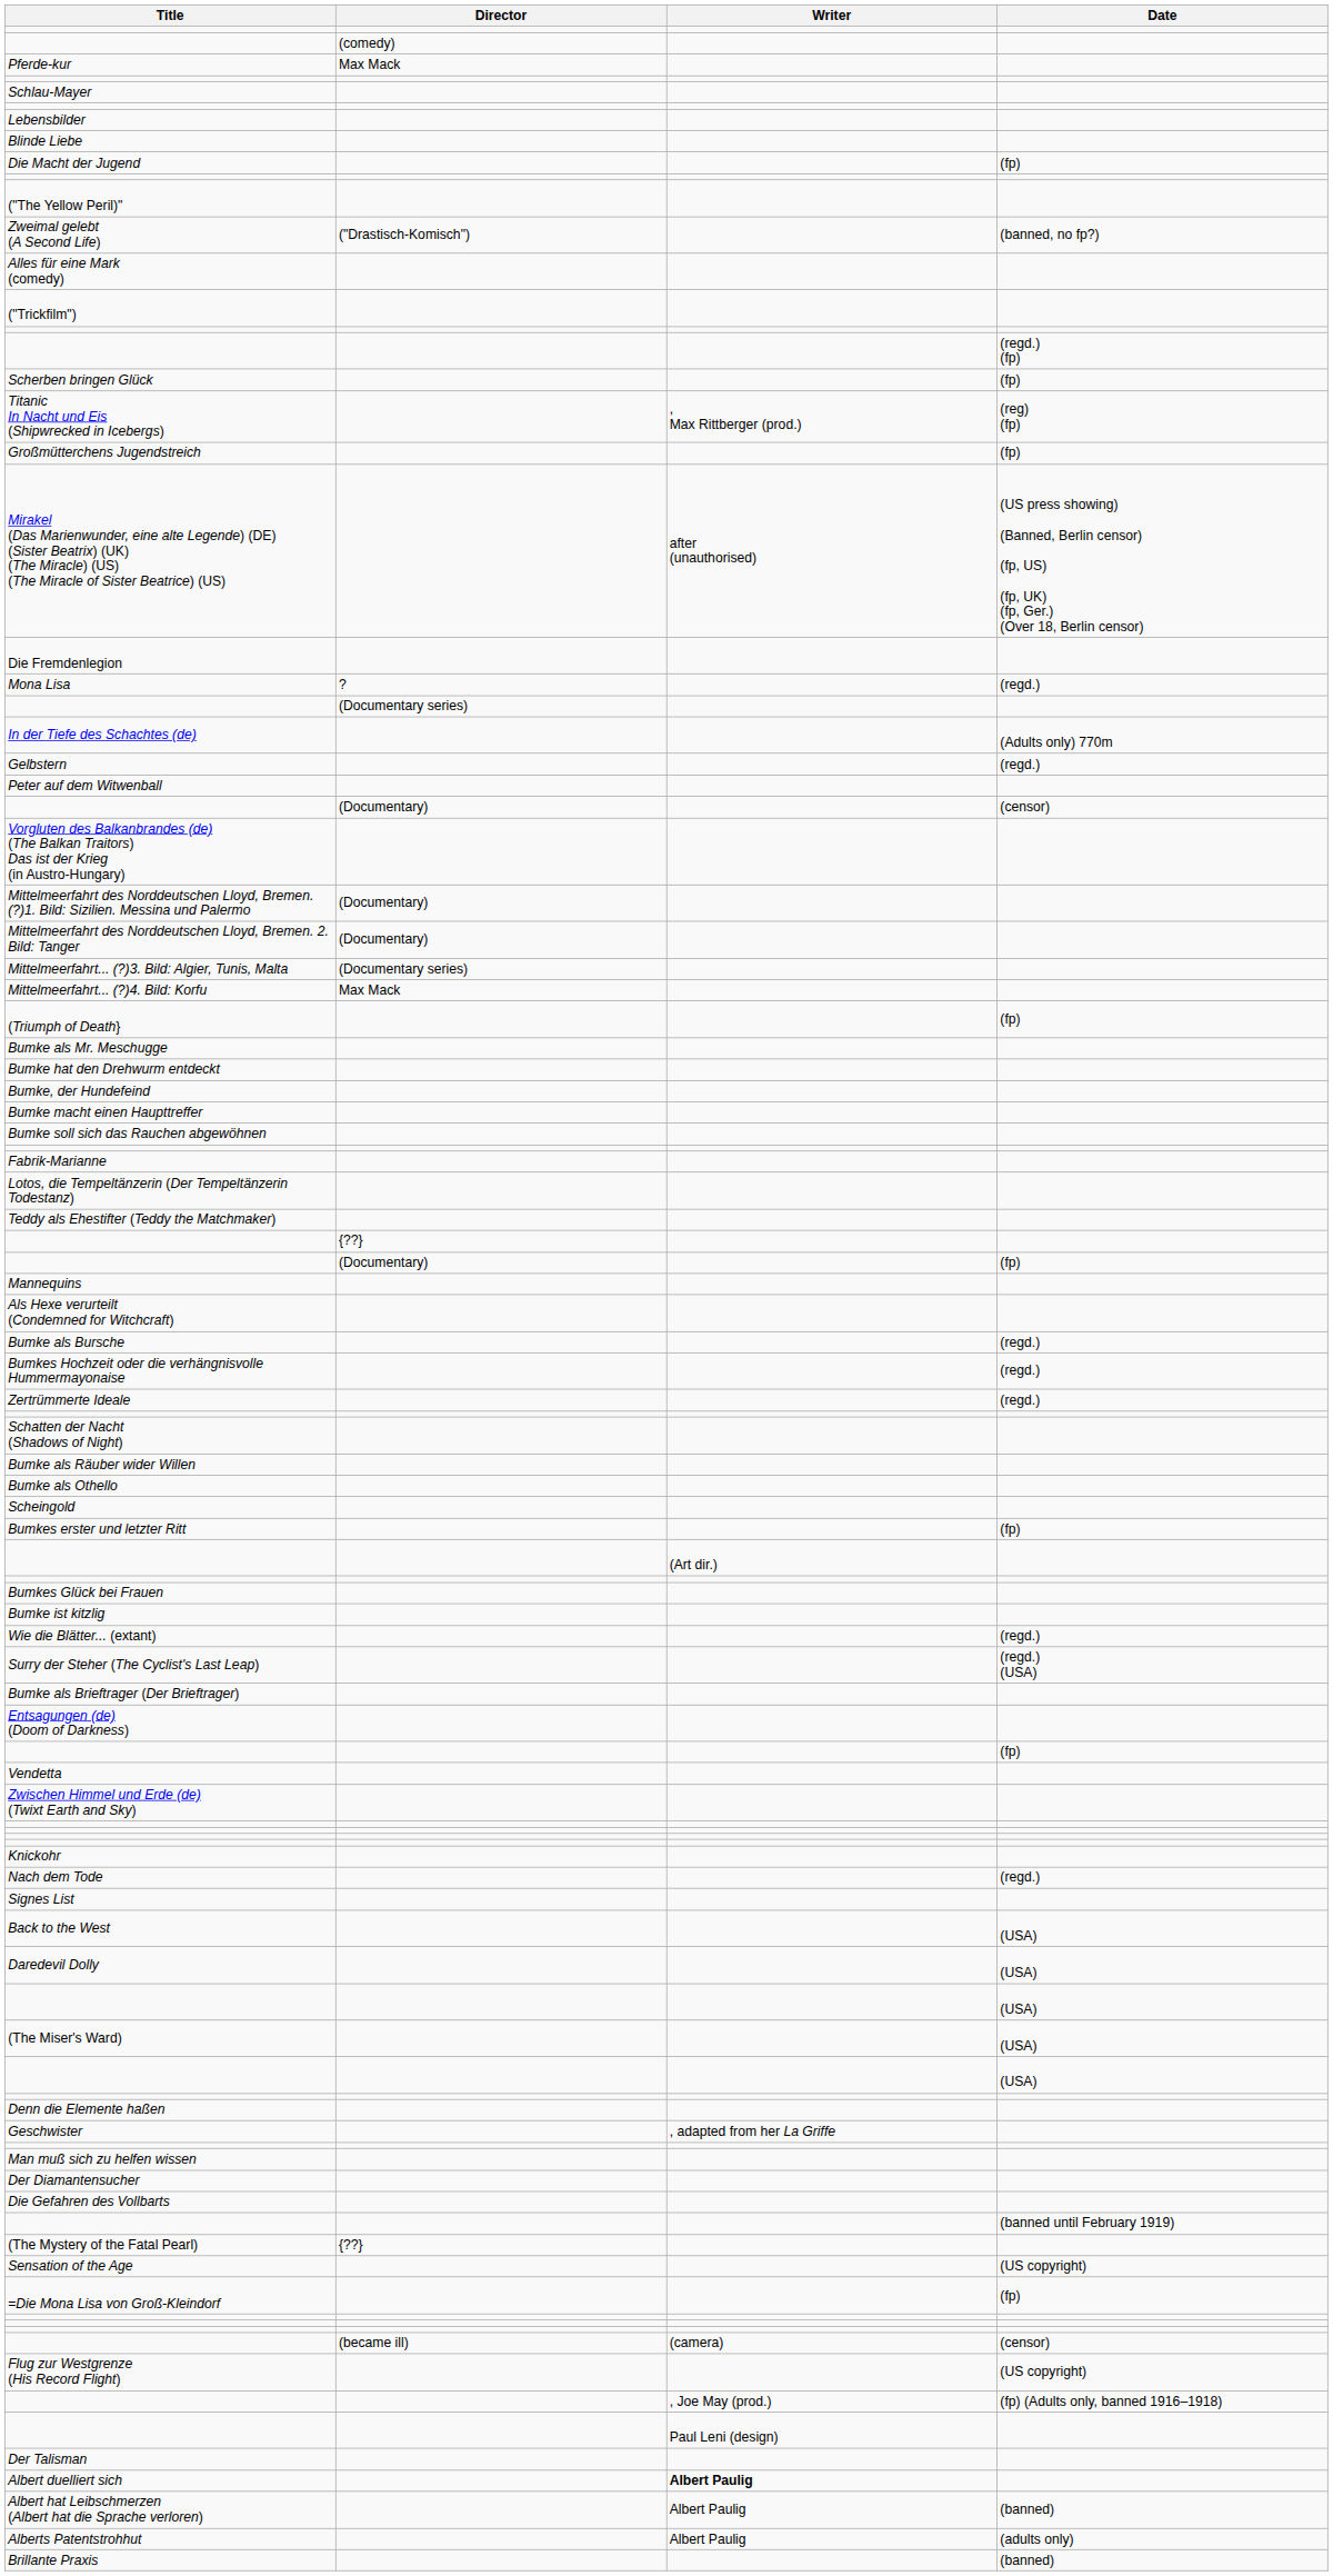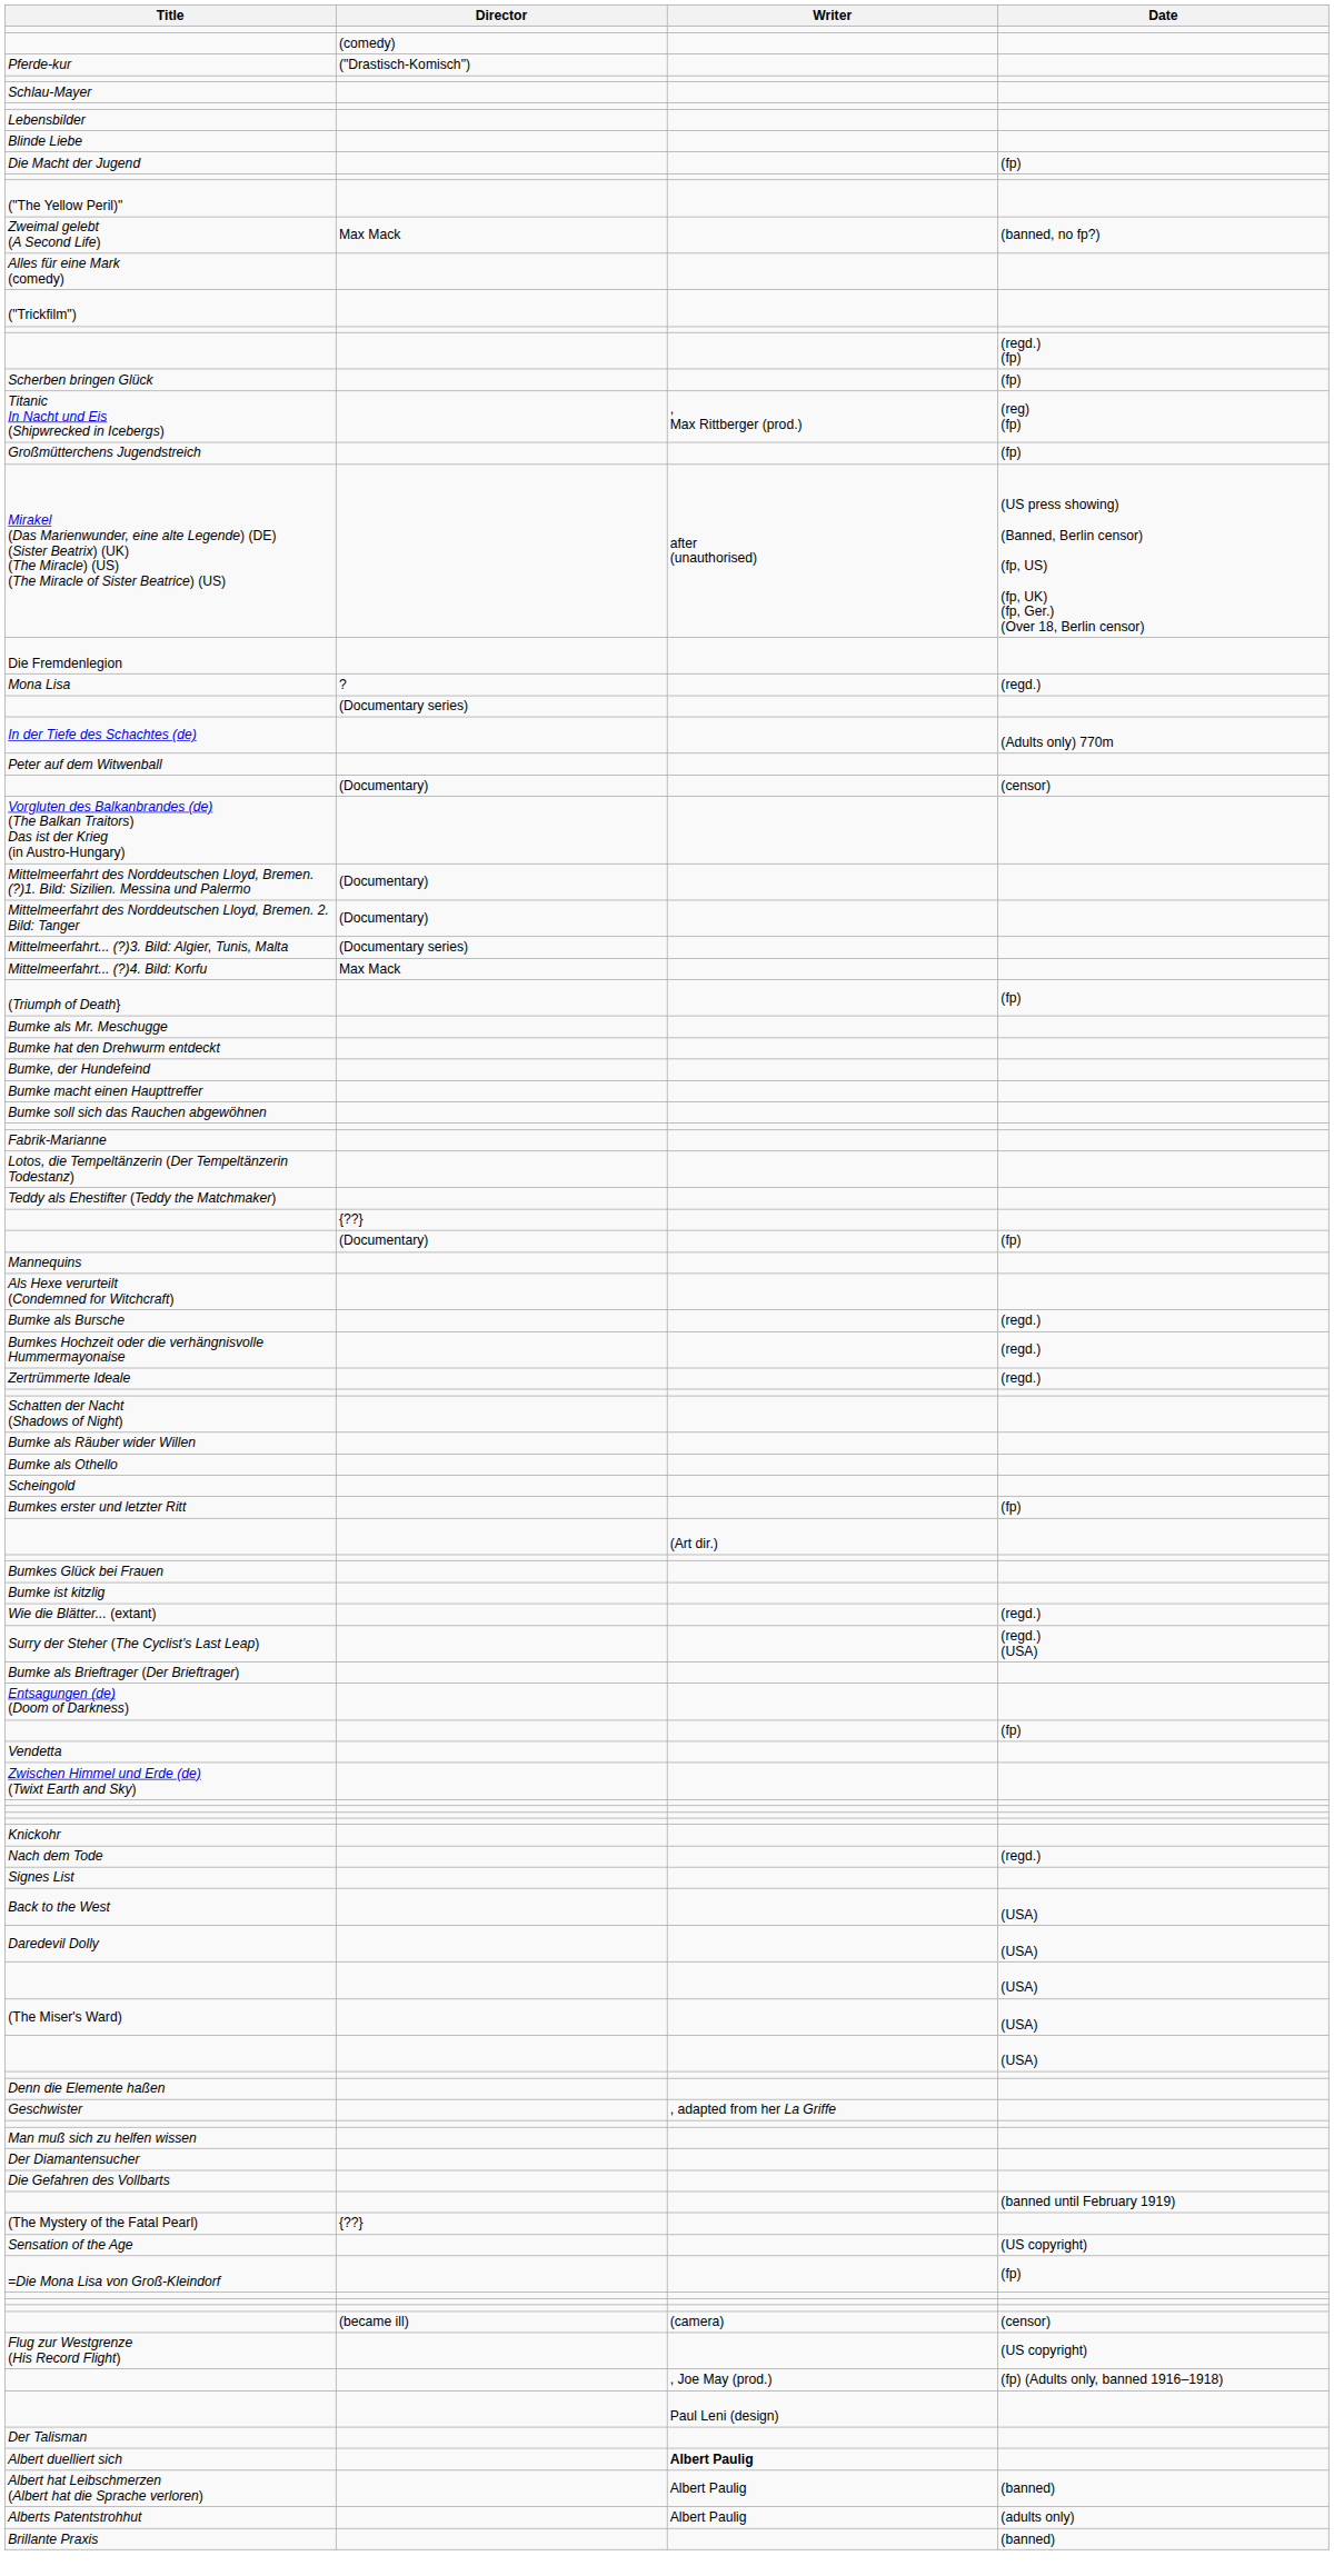 <table class="wikitable sortable" style=line-height:1.5">
 <tr>
 <th style="width:24%;">Title</th>
 <th style="width:24%;">Director</th>
 <th style="width:24%;">Writer</th>
 <th style="width:24%;">Date</th>
 </tr>
 <tr>
 <td><em></em></td>
 <td></td>
 <td></td>
 <td></td>
 </tr>
 <tr>
 <td><em></em></td>
 <td>(comedy)</td>
 <td></td>
 <td></td>
 </tr>
 <tr>
 <td><em>Pferde-kur</em></td>
-<td>Max Mack</td>
+<td>("Drastisch-Komisch")</td>
 <td></td>
 <td></td>
 </tr>
 <tr id="Mack">
 <td><em></em></td>
 <td></td>
 <td></td>
 <td></td>
 </tr>
 <tr>
 <td><em>Schlau-Mayer</em></td>
 <td></td>
 <td></td>
 <td></td>
 </tr>
 <tr>
 <td><em></em></td>
 <td></td>
 <td></td>
 <td></td>
 </tr>
 <tr>
 <td><em>Lebensbilder</em></td>
 <td></td>
 <td></td>
 <td></td>
 </tr>
 <tr>
 <td><em>Blinde Liebe</em></td>
 <td></td>
 <td></td>
 <td></td>
 </tr>
 <tr>
 <td><em>Die Macht der Jugend</em></td>
 <td></td>
 <td></td>
 <td> (fp)</td>
 </tr>
 <tr>
 <td><em></em></td>
 <td></td>
 <td></td>
 <td></td>
 </tr>
 <tr>
 <td><em></em><br>("The Yellow Peril)"</td>
 <td></td>
 <td></td>
 <td></td>
 </tr>
 <tr>
 <td><em>Zweimal gelebt</em><br> (<em>A Second Life</em>)</td>
-<td>("Drastisch-Komisch")</td>
+<td>Max Mack</td>
 <td></td>
 <td> (banned, no fp?)</td>
 </tr>
 <tr>
 <td><em>Alles für eine Mark</em><br>(comedy)</td>
 <td></td>
 <td></td>
 <td></td>
 </tr>
 <tr>
 <td><em></em><br>("Trickfilm")</td>
 <td></td>
 <td></td>
 <td></td>
 </tr>
 <tr>
 <td><em></em> </td>
 <td></td>
 <td></td>
 <td></td>
 </tr>
 <tr>
 <td><em></em></td>
 <td></td>
 <td></td>
 <td> (regd.)<br> (fp)</td>
 </tr>
 <tr>
 <td><em>Scherben bringen Glück</em> </td>
 <td></td>
 <td></td>
 <td> (fp)</td>
 </tr>
 <tr>
 <td><em>Titanic</em> <br><em><a href='#'>In Nacht und Eis</a></em><br>(<em>Shipwrecked in Icebergs</em>)</td>
 <td></td>
 <td>,<br>Max Rittberger (prod.)</td>
 <td> (reg)<br>  (fp)</td>
 </tr>
 <tr>
 <td><em>Großmütterchens Jugendstreich</em></td>
 <td></td>
 <td></td>
 <td> (fp)</td>
 </tr>
 <tr>
 <td><em><a href='#'>Mirakel</a></em> <br>(<em>Das Marienwunder, eine alte Legende</em>) (DE)<br>(<em>Sister Beatrix</em>) (UK)<br>(<em>The Miracle</em>) (US)<br>(<em>The Miracle of Sister Beatrice</em>) (US)</td>
 <td></td>
 <td> after<br>  (unauthorised)</td>
 <td><br><br>(US press showing)<br> <br>(Banned, Berlin censor)<br> <br>(fp, US)<br> <br>(fp, UK)<br>  (fp, Ger.)<br>(Over 18, Berlin censor)</td>
 </tr>
 <tr>
 <td><em></em> <br>Die Fremdenlegion</td>
 <td></td>
 <td></td>
 <td></td>
 </tr>
 <tr>
 <td><em>Mona Lisa</em></td>
 <td> ?</td>
 <td></td>
 <td> (regd.)</td>
 </tr>
 <tr>
 <td><em></em></td>
 <td>(Documentary series)</td>
 <td></td>
 <td></td>
 </tr>
 <tr>
 <td><em><a href='#'>In der Tiefe des Schachtes (de)</a></em></td>
 <td></td>
 <td></td>
 <td><br>(Adults only) 770m</td>
-</tr>
-<tr>
-<td><em>Gelbstern</em></td>
-<td></td>
-<td></td>
-<td> (regd.)</td>
 </tr>
 <tr>
 <td><em>Peter auf dem Witwenball</em></td>
 <td></td>
 <td></td>
 <td></td>
 </tr>
 <tr>
 <td><em></em></td>
 <td>(Documentary)</td>
 <td></td>
 <td> (censor)</td>
 </tr>
 <tr>
 <td><em><a href='#'>Vorgluten des Balkanbrandes (de)</a></em><br>(<em>The Balkan Traitors</em>)<br><em>Das ist der Krieg</em><br>(in Austro-Hungary)</td>
 <td></td>
 <td></td>
 <td><br></td>
 </tr>
 <tr>
 <td><em>Mittelmeerfahrt des Norddeutschen Lloyd, Bremen. (?)1. Bild: Sizilien. Messina und Palermo</em></td>
 <td>(Documentary)</td>
 <td></td>
 <td> </td>
 </tr>
 <tr>
 <td><em>Mittelmeerfahrt des Norddeutschen Lloyd, Bremen. 2. Bild: Tanger</em></td>
 <td>(Documentary)</td>
 <td></td>
 <td></td>
 </tr>
 <tr>
 <td><em>Mittelmeerfahrt... (?)3. Bild: Algier, Tunis, Malta</em></td>
 <td>(Documentary series)</td>
 <td></td>
 <td> </td>
 </tr>
 <tr>
 <td><em>Mittelmeerfahrt... (?)4. Bild: Korfu</em></td>
 <td>Max Mack</td>
 <td></td>
 <td> </td>
 </tr>
 <tr>
 <td><em></em><br>(<em>Triumph of Death</em>}</td>
 <td></td>
 <td></td>
 <td> (fp)</td>
 </tr>
 <tr>
 <td><em>Bumke als Mr. Meschugge</em></td>
 <td></td>
 <td></td>
 <td></td>
 </tr>
 <tr>
 <td><em>Bumke hat den Drehwurm entdeckt</em></td>
 <td></td>
 <td></td>
 <td></td>
 </tr>
 <tr>
 <td><em>Bumke, der Hundefeind</em></td>
 <td></td>
 <td></td>
 <td></td>
 </tr>
 <tr>
 <td><em>Bumke macht einen Haupttreffer</em></td>
 <td></td>
 <td></td>
 <td></td>
 </tr>
 <tr>
 <td><em>Bumke soll sich das Rauchen abgewöhnen</em></td>
 <td></td>
 <td></td>
 <td></td>
 </tr>
 <tr>
 <td><em></em></td>
 <td></td>
 <td></td>
 <td></td>
 </tr>
 <tr>
 <td><em>Fabrik-Marianne</em></td>
 <td></td>
 <td></td>
 <td></td>
 </tr>
 <tr>
 <td><em>Lotos, die Tempeltänzerin</em> (<em>Der Tempeltänzerin Todestanz</em>)</td>
 <td></td>
 <td></td>
 <td></td>
 </tr>
 <tr>
 <td><em>Teddy als Ehestifter</em> (<em>Teddy the Matchmaker</em>) </td>
 <td></td>
 <td></td>
 <td></td>
 </tr>
 <tr>
 <td><em></em></td>
 <td> {??}</td>
 <td></td>
 <td></td>
 </tr>
 <tr>
 <td><em></em></td>
 <td>(Documentary)</td>
 <td></td>
 <td> (fp)</td>
 </tr>
 <tr>
 <td><em>Mannequins</em></td>
 <td></td>
 <td></td>
 <td></td>
 </tr>
 <tr>
 <td><em>Als Hexe verurteilt</em><br>(<em>Condemned for Witchcraft</em>)</td>
 <td></td>
 <td></td>
 <td></td>
 </tr>
 <tr>
 <td><em>Bumke als Bursche</em></td>
 <td></td>
 <td></td>
 <td> (regd.)</td>
 </tr>
 <tr>
 <td><em>Bumkes Hochzeit oder die verhängnisvolle Hummermayonaise</em></td>
 <td></td>
 <td></td>
 <td> (regd.)</td>
 </tr>
 <tr>
 <td><em>Zertrümmerte Ideale</em></td>
 <td></td>
 <td></td>
 <td> (regd.)</td>
 </tr>
 <tr>
 <td><em></em></td>
 <td></td>
 <td></td>
 <td></td>
 </tr>
 <tr>
 <td><em>Schatten der Nacht</em><br>(<em>Shadows of Night</em>)</td>
 <td></td>
 <td></td>
 <td></td>
 </tr>
 <tr>
 <td><em>Bumke als Räuber wider Willen</em></td>
 <td></td>
 <td></td>
 <td></td>
 </tr>
 <tr>
 <td><em>Bumke als Othello</em></td>
 <td></td>
 <td></td>
 <td></td>
 </tr>
 <tr>
 <td><em>Scheingold</em></td>
 <td></td>
 <td></td>
 <td></td>
 </tr>
 <tr>
 <td><em>Bumkes erster und letzter Ritt</em></td>
 <td></td>
 <td></td>
 <td> (fp)</td>
 </tr>
 <tr>
 <td><em></em></td>
 <td></td>
 <td><br>(Art dir.)</td>
 <td></td>
 </tr>
 <tr>
 <td><em></em></td>
 <td></td>
 <td></td>
 <td></td>
 </tr>
 <tr>
 <td><em>Bumkes Glück bei Frauen</em></td>
 <td></td>
 <td></td>
 <td></td>
 </tr>
 <tr>
 <td><em>Bumke ist kitzlig</em></td>
 <td></td>
 <td></td>
 <td></td>
 </tr>
 <tr>
 <td><em>Wie die Blätter...</em> (extant)</td>
 <td></td>
 <td></td>
 <td> (regd.)</td>
 </tr>
 <tr>
 <td><em>Surry der Steher</em> (<em>The Cyclist's Last Leap</em>) </td>
 <td></td>
 <td></td>
 <td> (regd.)<br>  (USA)</td>
 </tr>
 <tr>
 <td><em>Bumke als Brieftrager</em> (<em>Der Brieftrager</em>)</td>
 <td></td>
 <td></td>
 <td></td>
 </tr>
 <tr>
 <td><em><a href='#'>Entsagungen (de)</a></em><br>(<em>Doom of Darkness</em>)</td>
 <td></td>
 <td></td>
 <td></td>
 </tr>
 <tr>
 <td><em></em></td>
 <td></td>
 <td></td>
 <td> (fp)</td>
 </tr>
 <tr>
 <td><em>Vendetta</em></td>
 <td></td>
 <td></td>
 <td></td>
 </tr>
 <tr>
 <td><em><a href='#'>Zwischen Himmel und Erde (de)</a></em><br>(<em>Twixt Earth and Sky</em>)</td>
 <td></td>
 <td></td>
 <td></td>
 </tr>
 <tr>
 <td><em></em></td>
 <td></td>
 <td></td>
 <td></td>
 </tr>
 <tr>
 <td><em></em></td>
 <td></td>
 <td></td>
 <td></td>
 </tr>
 <tr>
 <td><em></em></td>
 <td></td>
 <td></td>
 <td></td>
 </tr>
 <tr>
 <td><em></em></td>
 <td></td>
 <td></td>
 <td></td>
 </tr>
 <tr>
 <td><em>Knickohr</em></td>
 <td></td>
 <td></td>
 <td></td>
 </tr>
 <tr>
 <td><em>Nach dem Tode</em></td>
 <td></td>
 <td></td>
 <td> (regd.)</td>
 </tr>
 <tr>
 <td><em>Signes List</em></td>
 <td></td>
 <td></td>
 <td></td>
 </tr>
 <tr>
 <td><em>Back to the West</em></td>
 <td></td>
 <td></td>
 <td><br>(USA)</td>
 </tr>
 <tr>
 <td><em>Daredevil Dolly</em> </td>
 <td></td>
 <td></td>
 <td><br>(USA)</td>
 </tr>
 <tr>
 <td><em></em></td>
 <td></td>
 <td></td>
 <td><br>(USA)</td>
 </tr>
 <tr>
 <td><em></em> (The Miser's Ward)</td>
 <td></td>
 <td></td>
 <td><br>(USA)</td>
 </tr>
 <tr>
 <td><em></em> </td>
 <td></td>
 <td></td>
 <td><br>(USA)</td>
 </tr>
 <tr>
 <td><em></em></td>
 <td></td>
 <td></td>
 <td></td>
 </tr>
 <tr>
 <td><em>Denn die Elemente haßen</em></td>
 <td></td>
 <td></td>
 <td></td>
 </tr>
 <tr>
 <td><em>Geschwister</em></td>
 <td></td>
 <td>, adapted from her <em>La Griffe</em></td>
 <td></td>
 </tr>
 <tr>
 <td><em></em></td>
 <td></td>
 <td></td>
 <td></td>
 </tr>
 <tr>
 <td><em>Man muß sich zu helfen wissen</em></td>
 <td></td>
 <td></td>
 <td></td>
 </tr>
 <tr>
 <td><em>Der Diamantensucher</em></td>
 <td></td>
 <td></td>
 <td></td>
 </tr>
 <tr>
 <td><em>Die Gefahren des Vollbarts</em></td>
 <td></td>
 <td></td>
 <td></td>
 </tr>
 <tr>
 <td><em></em></td>
 <td></td>
 <td></td>
 <td> (banned until February 1919)</td>
 </tr>
 <tr>
 <td><em></em> (The Mystery of the Fatal Pearl)</td>
 <td> {??}</td>
 <td></td>
 <td></td>
 </tr>
 <tr>
 <td><em>Sensation of the Age</em></td>
 <td></td>
 <td></td>
 <td> (US copyright)</td>
 </tr>
 <tr>
 <td><em></em><br>=<em>Die Mona Lisa von Groß-Kleindorf</em></td>
 <td></td>
 <td></td>
 <td> (fp)</td>
 </tr>
 <tr>
 <td><em></em></td>
 <td></td>
 <td></td>
 <td></td>
 </tr>
 <tr>
 <td><em></em></td>
 <td></td>
 <td></td>
 <td> </td>
 </tr>
 <tr>
 <td><em></em></td>
 <td></td>
 <td></td>
 <td></td>
 </tr>
 <tr>
 <td><em></em></td>
 <td> (became ill)<br> </td>
 <td> (camera)</td>
 <td> (censor)</td>
 </tr>
 <tr>
 <td><em>Flug zur Westgrenze</em><br>(<em>His Record Flight</em>)</td>
 <td></td>
 <td></td>
 <td> (US copyright) </td>
 </tr>
 <tr>
 <td><em></em></td>
 <td></td>
 <td>, Joe May (prod.)</td>
 <td> (fp) (Adults only, banned 1916–1918)</td>
 </tr>
 <tr>
 <td><em></em></td>
 <td></td>
 <td><br> Paul Leni (design)</td>
 <td></td>
 </tr>
 <tr>
 <td><em>Der Talisman</em></td>
 <td></td>
 <td></td>
 <td></td>
 </tr>
 <tr>
 <td><em>Albert duelliert sich</em></td>
 <td></td>
 <td><strong>Albert Paulig</strong></td>
 <td></td>
 </tr>
 <tr>
 <td><em>Albert hat Leibschmerzen</em><br>(<em>Albert hat die Sprache verloren</em>)</td>
 <td></td>
 <td>Albert Paulig</td>
 <td> (banned)</td>
 </tr>
 <tr>
 <td><em>Alberts Patentstrohhut</em></td>
 <td></td>
 <td>Albert Paulig</td>
 <td> (adults only)</td>
 </tr>
 <tr>
 <td><em>Brillante Praxis</em></td>
 <td></td>
 <td></td>
 <td> (banned)</td>
 </tr>
 </table>
